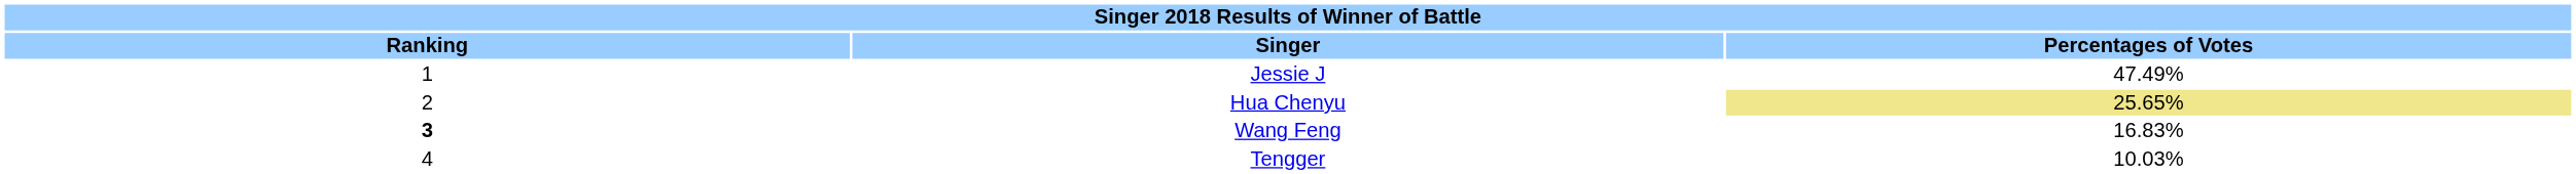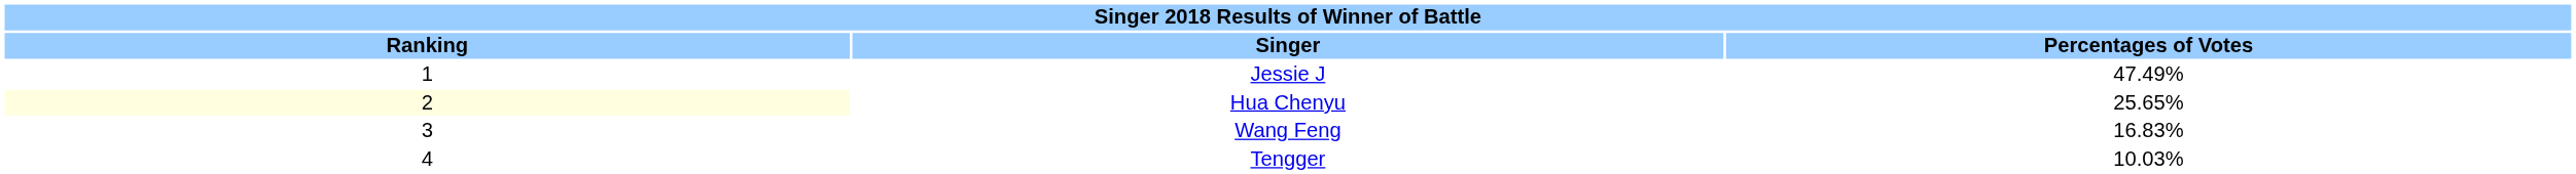 <table width="100%" style="text-align:center">
 <tr style="background:#99CCFF">
 <td colspan="3"><div><strong>Singer 2018 Results of Winner of Battle</strong></div></td>
 </tr>
 <tr style="background:#99CCFF">
 <td style="width:33%"><strong>Ranking</strong></td>
 <td style="width:34%"><strong>Singer</strong></td>
 <td style="width:33%"><strong>Percentages of Votes</strong></td>
 </tr>
 <tr>
 <td>1</td>
 <td><a href='#'>Jessie J</a></td>
 <td>47.49%</td>
 </tr>
 <tr>
-<td>2</td>
+<td style="background: lightyellow;">2</td>
 <td><a href='#'>Hua Chenyu</a></td>
-<td style="background: khaki;">25.65%</td>
+<td>25.65%</td>
 </tr>
 <tr>
-<td><strong>3</strong></td>
+<td>3</td>
 <td><a href='#'>Wang Feng</a></td>
 <td>16.83%</td>
 </tr>
 <tr>
 <td>4</td>
 <td><a href='#'>Tengger</a></td>
 <td>10.03%</td>
 </tr>
 </table>
